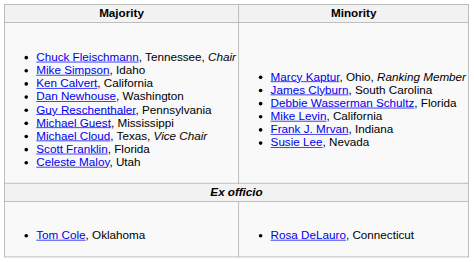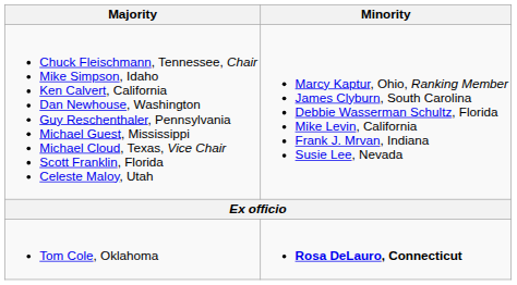 <table class=wikitable>
 <tr>
 <th>Majority</th>
 <th>Minority</th>
 </tr>
 <tr>
 <td><br><ul><li><a href='#'>Chuck Fleischmann</a>, Tennessee, <em>Chair</em></li><li><a href='#'>Mike Simpson</a>, Idaho</li><li><a href='#'>Ken Calvert</a>, California</li><li><a href='#'>Dan Newhouse</a>, Washington</li><li><a href='#'>Guy Reschenthaler</a>, Pennsylvania</li><li><a href='#'>Michael Guest</a>, Mississippi</li><li><a href='#'>Michael Cloud</a>, Texas, <em>Vice Chair</em></li><li><a href='#'>Scott Franklin</a>, Florida</li><li><a href='#'>Celeste Maloy</a>, Utah</li></ul></td>
 <td><br><ul><li><a href='#'>Marcy Kaptur</a>, Ohio, <em>Ranking Member</em></li><li><a href='#'>James Clyburn</a>, South Carolina</li><li><a href='#'>Debbie Wasserman Schultz</a>, Florida</li><li><a href='#'>Mike Levin</a>, California</li><li><a href='#'>Frank J. Mrvan</a>, Indiana</li><li><a href='#'>Susie Lee</a>, Nevada</li></ul></td>
 </tr>
 <tr>
 <th colspan=2><em>Ex officio</em></th>
 </tr>
 <tr>
 <td><br><ul><li><a href='#'>Tom Cole</a>, Oklahoma</li></ul></td>
-<td><br><ul><li><a href='#'>Rosa DeLauro</a>, Connecticut</li></ul></td>
+<td><strong><br><ul><li><a href='#'>Rosa DeLauro</a>, Connecticut</li></ul></strong></td>
 </tr>
 </table>
